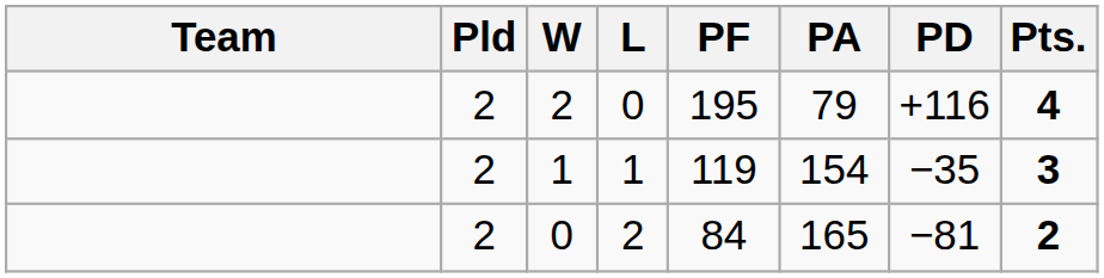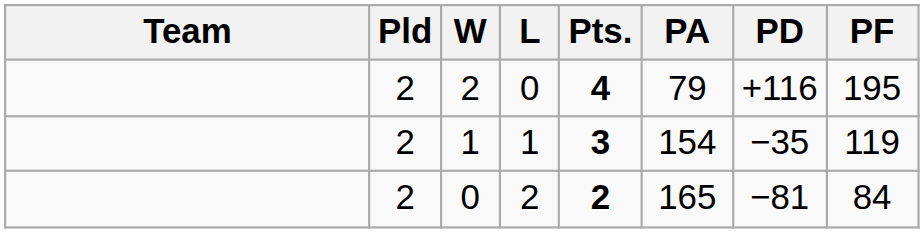 <table class=wikitable style="text-align:center">
 <tr>
 <th width=160>Team</th>
 <th width=20>Pld</th>
 <th width=20>W</th>
 <th width=20>L</th>
-<th width=35>PF</th>
+<th width=30>Pts.</th>
 <th width=35>PA</th>
 <th width=35>PD</th>
-<th width=30>Pts.</th>
+<th width=35>PF</th>
 </tr>
 <tr>
 <td align=left></td>
 <td>2</td>
 <td>2</td>
 <td>0</td>
-<td>195</td>
+<td><strong>4</strong></td>
 <td>79</td>
 <td>+116</td>
-<td><strong>4</strong></td>
+<td>195</td>
 </tr>
 <tr>
 <td align=left></td>
 <td>2</td>
 <td>1</td>
 <td>1</td>
-<td>119</td>
+<td><strong>3</strong></td>
 <td>154</td>
 <td>−35</td>
-<td><strong>3</strong></td>
+<td>119</td>
 </tr>
 <tr>
 <td align=left></td>
 <td>2</td>
 <td>0</td>
 <td>2</td>
-<td>84</td>
+<td><strong>2</strong></td>
 <td>165</td>
 <td>−81</td>
-<td><strong>2</strong></td>
+<td>84</td>
 </tr>
 </table>
